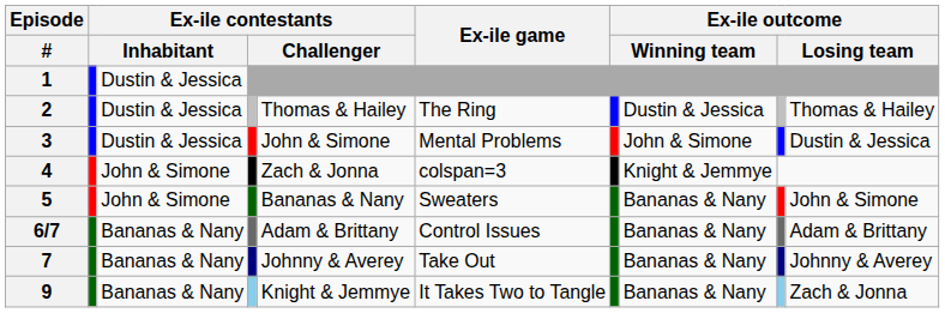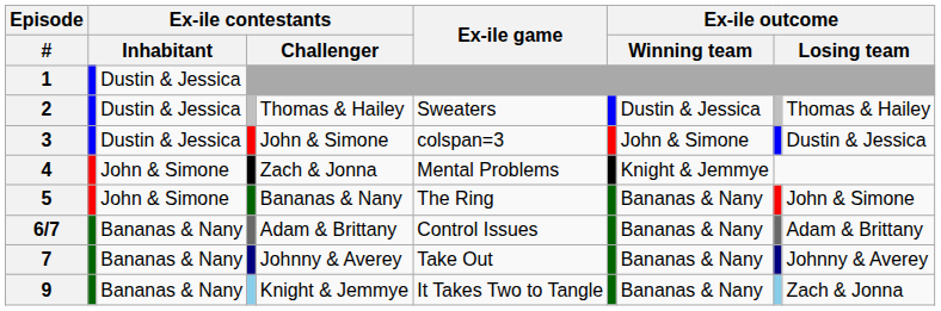 <table class="wikitable">
 <tr>
 <th>Episode</th>
 <th colspan=4>Ex-ile contestants</th>
 <th rowspan=2>Ex-ile game</th>
 <th colspan=4>Ex-ile outcome</th>
 </tr>
 <tr>
 <th>#</th>
 <th colspan=2 nowrap>Inhabitant</th>
 <th colspan=2 nowrap>Challenger</th>
 <th colspan=2 nowrap>Winning team</th>
 <th colspan=2 nowrap>Losing team</th>
 </tr>
 <tr>
 <th>1</th>
 <td bgcolor="blue"></td>
 <td>Dustin & Jessica</td>
 <td colspan=7 bgcolor="darkgray"></td>
 </tr>
 <tr>
 <th>2</th>
 <td bgcolor="blue"></td>
 <td>Dustin & Jessica</td>
 <td bgcolor="silver"></td>
 <td>Thomas & Hailey</td>
-<td>The Ring</td>
+<td>Sweaters</td>
 <td bgcolor="blue"></td>
 <td nowrap>Dustin & Jessica</td>
 <td bgcolor="silver"></td>
 <td nowrap>Thomas & Hailey</td>
 </tr>
 <tr>
 <th>3</th>
 <td bgcolor="blue"></td>
 <td>Dustin & Jessica</td>
 <td bgcolor="red"></td>
 <td>John & Simone</td>
-<td nowrap>Mental Problems</td>
+<td>colspan=3 </td>
 <td bgcolor="red"></td>
 <td nowrap>John & Simone</td>
 <td bgcolor="blue"></td>
 <td nowrap>Dustin & Jessica</td>
 </tr>
 <tr>
 <th>4</th>
 <td bgcolor="red"></td>
 <td>John & Simone</td>
 <td bgcolor="black"></td>
 <td>Zach & Jonna</td>
-<td>colspan=3 </td>
+<td nowrap>Mental Problems</td>
 <td bgcolor="black"></td>
 <td nowrap>Knight & Jemmye</td>
 </tr>
 <tr>
 <th>5</th>
 <td bgcolor="red"></td>
 <td>John & Simone</td>
 <td bgcolor="darkgreen"></td>
 <td>Bananas & Nany</td>
-<td>Sweaters</td>
+<td>The Ring</td>
 <td bgcolor="darkgreen"></td>
 <td nowrap>Bananas & Nany</td>
 <td bgcolor="red"></td>
 <td nowrap>John & Simone</td>
 </tr>
 <tr>
 <th>6/7</th>
 <td bgcolor="darkgreen"></td>
 <td>Bananas & Nany</td>
 <td bgcolor="dimgray"></td>
 <td>Adam & Brittany</td>
 <td>Control Issues</td>
 <td bgcolor="Darkgreen"></td>
 <td>Bananas & Nany</td>
 <td bgcolor="Dimgray"></td>
 <td>Adam & Brittany</td>
 </tr>
 <tr>
 <th>7</th>
 <td bgcolor="darkgreen"></td>
 <td>Bananas & Nany</td>
 <td bgcolor="navy"></td>
 <td>Johnny & Averey</td>
 <td>Take Out</td>
 <td bgcolor="darkgreen"></td>
 <td>Bananas & Nany</td>
 <td bgcolor="navy"></td>
 <td>Johnny & Averey</td>
 </tr>
 <tr>
 <th>9</th>
 <td bgcolor="darkgreen"></td>
 <td>Bananas & Nany</td>
 <td bgcolor="skyblue "></td>
 <td>Knight & Jemmye</td>
 <td Nowrap>It Takes Two to Tangle</td>
 <td bgcolor="darkgreen"></td>
 <td>Bananas & Nany</td>
 <td bgcolor="skyblue "></td>
 <td>Zach & Jonna</td>
 </tr>
 </table>
